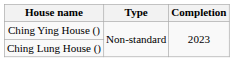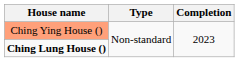 <table class="wikitable" style="text-align: center;">
 <tr>
 <th>House name</th>
 <th>Type</th>
 <th>Completion</th>
 </tr>
 <tr>
-<td>Ching Ying House ()</td>
+<td style="background: lightsalmon;">Ching Ying House ()</td>
 <td rowspan="2">Non-standard</td>
 <td rowspan="2">2023</td>
 </tr>
 <tr>
-<td>Ching Lung House ()</td>
+<td><strong>Ching Lung House ()</strong></td>
 </tr>
 </table>
